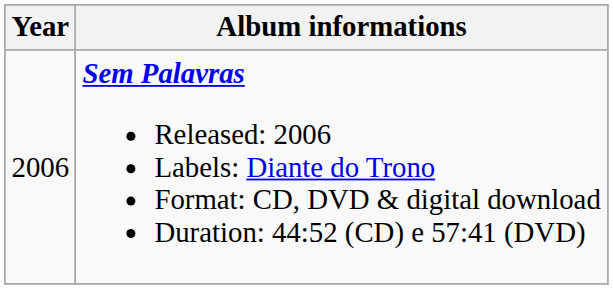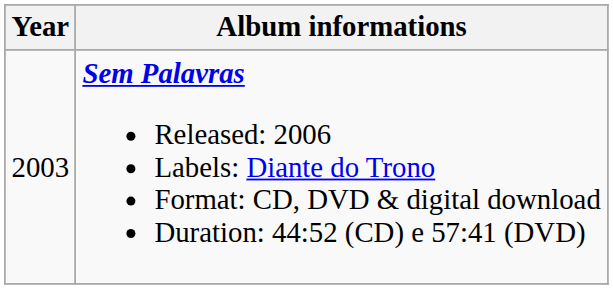 <table class="wikitable">
 <tr>
 <th>Year</th>
 <th>Album informations</th>
 </tr>
 <tr>
-<td>2006</td>
+<td>2003</td>
 <td><strong><em><a href='#'>Sem Palavras</a></em></strong><br><ul><li>Released: 2006</li><li>Labels: <a href='#'>Diante do Trono</a></li><li>Format: CD, DVD & digital download</li><li>Duration: 44:52 (CD) e 57:41 (DVD)</li></ul></td>
 </tr>
 </table>
